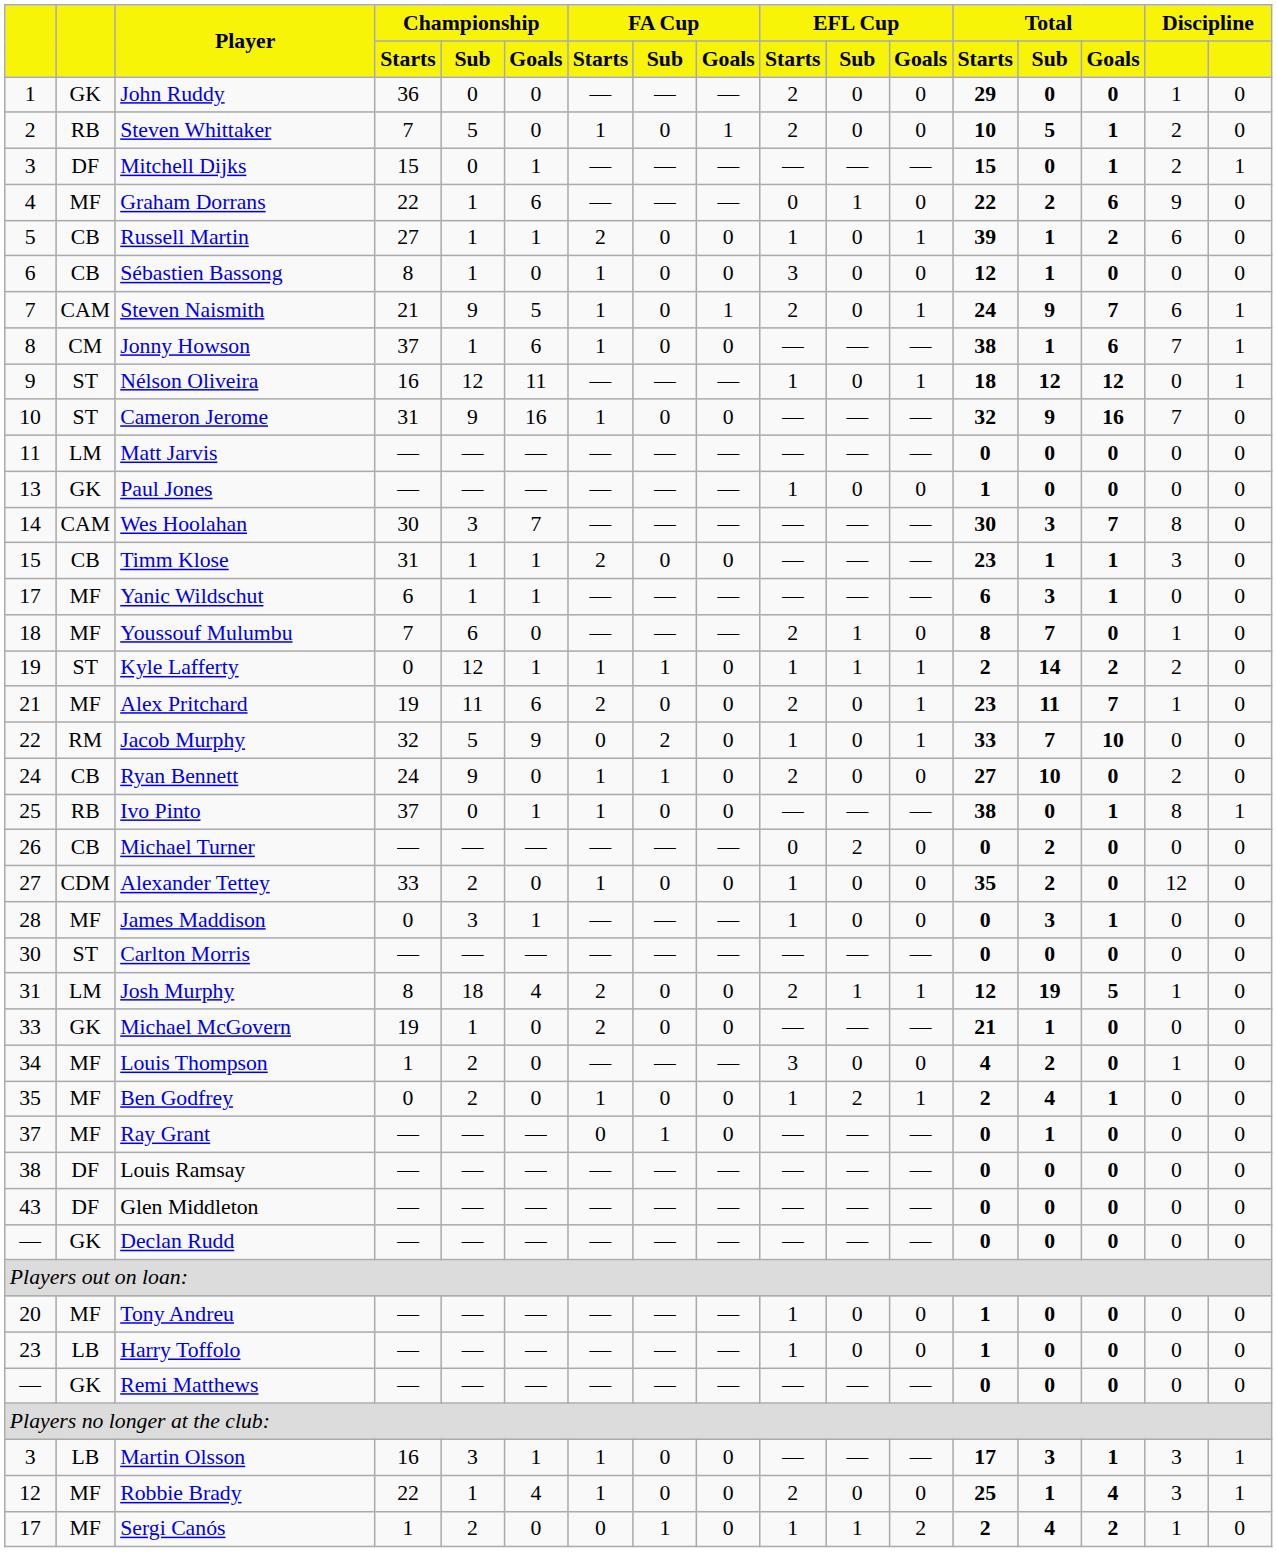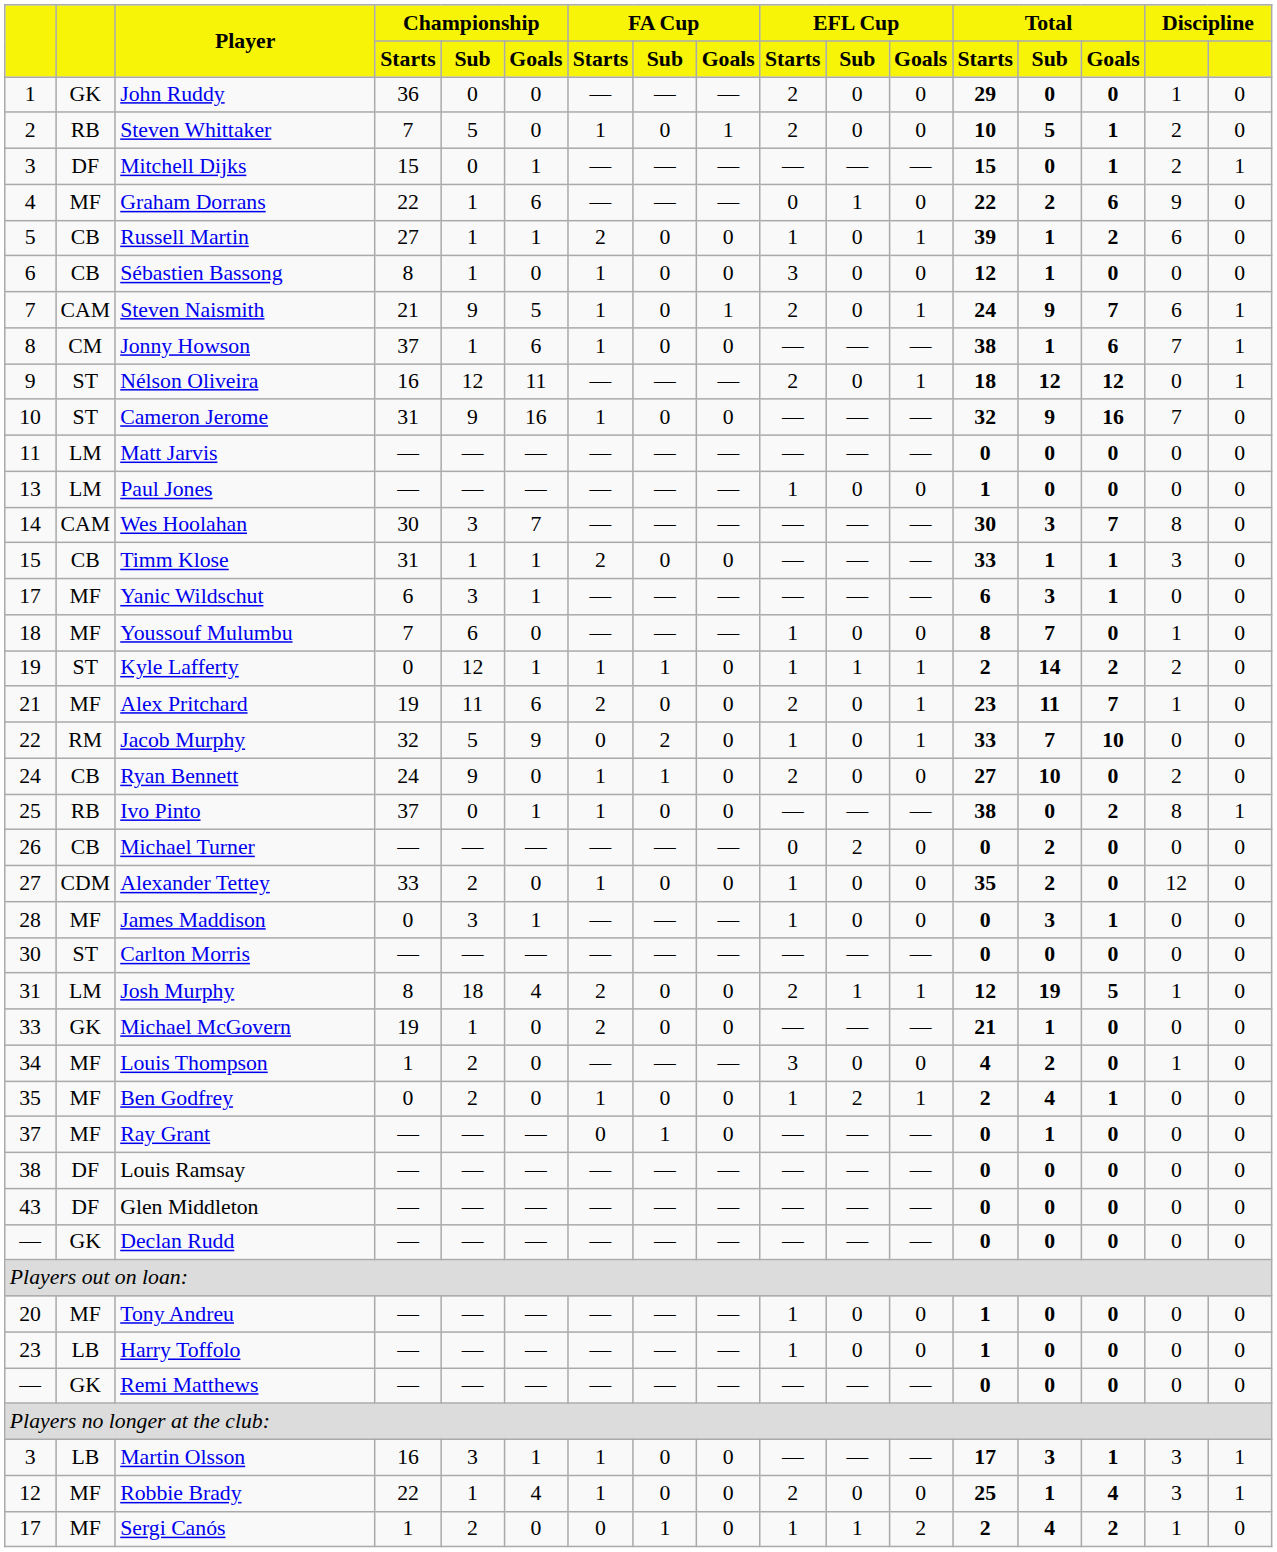 <table class="wikitable"  style="text-align:center; font-size:90%; width:95%;">
 <tr>
 <th rowspan="2" style="background:#F7F408; color:#000000;  width: 4%"></th>
 <th rowspan="2" style="background:#F7F408; color:#000000;  width: 4%"></th>
 <th rowspan="2" style="background:#F7F408; color:#000000; ">Player</th>
 <th colspan="3" style="background:#F7F408; color:#000000; ">Championship</th>
 <th colspan="3" style="background:#F7F408; color:#000000; ">FA Cup</th>
 <th colspan="3" style="background:#F7F408; color:#000000; ">EFL Cup</th>
 <th colspan="3" style="background:#F7F408; color:#000000; ">Total</th>
 <th colspan="2" style="background:#F7F408; color:#000000; ">Discipline</th>
 </tr>
 <tr>
 <th style="background:#F7F408; color:#000000;  width: 5%;">Starts</th>
 <th style="background:#F7F408; color:#000000;  width: 5%;">Sub</th>
 <th style="background:#F7F408; color:#000000;  width: 5%;">Goals</th>
 <th style="background:#F7F408; color:#000000;  width: 5%;">Starts</th>
 <th style="background:#F7F408; color:#000000;  width: 5%;">Sub</th>
 <th style="background:#F7F408; color:#000000;  width: 5%;">Goals</th>
 <th style="background:#F7F408; color:#000000;  width: 5%;">Starts</th>
 <th style="background:#F7F408; color:#000000;  width: 5%;">Sub</th>
 <th style="background:#F7F408; color:#000000;  width: 5%;">Goals</th>
 <th style="background:#F7F408; color:#000000;  width: 5%;">Starts</th>
 <th style="background:#F7F408; color:#000000;  width: 5%;">Sub</th>
 <th style="background:#F7F408; color:#000000;  width: 5%;">Goals</th>
 <th style="background:#F7F408; color:#000000;  width: 5%;"></th>
 <th style="background:#F7F408; color:#000000;  width: 5%;"></th>
 </tr>
 <tr>
 <td>1</td>
 <td>GK</td>
 <td style="text-align:left;"><a href='#'>John Ruddy</a></td>
 <td>36</td>
 <td>0</td>
 <td>0</td>
 <td>—</td>
 <td>—</td>
 <td>—</td>
 <td>2</td>
 <td>0</td>
 <td>0</td>
 <td><strong>29</strong></td>
 <td><strong>0</strong></td>
 <td><strong>0</strong></td>
 <td>1</td>
 <td>0</td>
 </tr>
 <tr>
 <td>2</td>
 <td>RB</td>
 <td style="text-align:left;"><a href='#'>Steven Whittaker</a></td>
 <td>7</td>
 <td>5</td>
 <td>0</td>
 <td>1</td>
 <td>0</td>
 <td>1</td>
 <td>2</td>
 <td>0</td>
 <td>0</td>
 <td><strong>10</strong></td>
 <td><strong>5</strong></td>
 <td><strong>1</strong></td>
 <td>2</td>
 <td>0</td>
 </tr>
 <tr>
 <td>3</td>
 <td>DF</td>
 <td style="text-align:left;"><a href='#'>Mitchell Dijks</a></td>
 <td>15</td>
 <td>0</td>
 <td>1</td>
 <td>—</td>
 <td>—</td>
 <td>—</td>
 <td>—</td>
 <td>—</td>
 <td>—</td>
 <td><strong>15</strong></td>
 <td><strong>0</strong></td>
 <td><strong>1</strong></td>
 <td>2</td>
 <td>1</td>
 </tr>
 <tr>
 <td>4</td>
 <td>MF</td>
 <td style="text-align:left;"><a href='#'>Graham Dorrans</a></td>
 <td>22</td>
 <td>1</td>
 <td>6</td>
 <td>—</td>
 <td>—</td>
 <td>—</td>
 <td>0</td>
 <td>1</td>
 <td>0</td>
 <td><strong>22</strong></td>
 <td><strong>2</strong></td>
 <td><strong>6</strong></td>
 <td>9</td>
 <td>0</td>
 </tr>
 <tr>
 <td>5</td>
 <td>CB</td>
 <td style="text-align:left;"><a href='#'>Russell Martin</a></td>
 <td>27</td>
 <td>1</td>
 <td>1</td>
 <td>2</td>
 <td>0</td>
 <td>0</td>
 <td>1</td>
 <td>0</td>
 <td>1</td>
 <td><strong>39</strong></td>
 <td><strong>1</strong></td>
 <td><strong>2</strong></td>
 <td>6</td>
 <td>0</td>
 </tr>
 <tr>
 <td>6</td>
 <td>CB</td>
 <td style="text-align:left;"><a href='#'>Sébastien Bassong</a></td>
 <td>8</td>
 <td>1</td>
 <td>0</td>
 <td>1</td>
 <td>0</td>
 <td>0</td>
 <td>3</td>
 <td>0</td>
 <td>0</td>
 <td><strong>12</strong></td>
 <td><strong>1</strong></td>
 <td><strong>0</strong></td>
 <td>0</td>
 <td>0</td>
 </tr>
 <tr>
 <td>7</td>
 <td>CAM</td>
 <td style="text-align:left;"><a href='#'>Steven Naismith</a></td>
 <td>21</td>
 <td>9</td>
 <td>5</td>
 <td>1</td>
 <td>0</td>
 <td>1</td>
 <td>2</td>
 <td>0</td>
 <td>1</td>
 <td><strong>24</strong></td>
 <td><strong>9</strong></td>
 <td><strong>7</strong></td>
 <td>6</td>
 <td>1</td>
 </tr>
 <tr>
 <td>8</td>
 <td>CM</td>
 <td style="text-align:left;"><a href='#'>Jonny Howson</a></td>
 <td>37</td>
 <td>1</td>
 <td>6</td>
 <td>1</td>
 <td>0</td>
 <td>0</td>
 <td>—</td>
 <td>—</td>
 <td>—</td>
 <td><strong>38</strong></td>
 <td><strong>1</strong></td>
 <td><strong>6</strong></td>
 <td>7</td>
 <td>1</td>
 </tr>
 <tr>
 <td>9</td>
 <td>ST</td>
 <td style="text-align:left;"><a href='#'>Nélson Oliveira</a></td>
 <td>16</td>
 <td>12</td>
 <td>11</td>
 <td>—</td>
 <td>—</td>
 <td>—</td>
-<td>1</td>
+<td>2</td>
 <td>0</td>
 <td>1</td>
 <td><strong>18</strong></td>
 <td><strong>12</strong></td>
 <td><strong>12</strong></td>
 <td>0</td>
 <td>1</td>
 </tr>
 <tr>
 <td>10</td>
 <td>ST</td>
 <td style="text-align:left;"><a href='#'>Cameron Jerome</a></td>
 <td>31</td>
 <td>9</td>
 <td>16</td>
 <td>1</td>
 <td>0</td>
 <td>0</td>
 <td>—</td>
 <td>—</td>
 <td>—</td>
 <td><strong>32</strong></td>
 <td><strong>9</strong></td>
 <td><strong>16</strong></td>
 <td>7</td>
 <td>0</td>
 </tr>
 <tr>
 <td>11</td>
 <td>LM</td>
 <td style="text-align:left;"><a href='#'>Matt Jarvis</a></td>
 <td>—</td>
 <td>—</td>
 <td>—</td>
 <td>—</td>
 <td>—</td>
 <td>—</td>
 <td>—</td>
 <td>—</td>
 <td>—</td>
 <td><strong>0</strong></td>
 <td><strong>0</strong></td>
 <td><strong>0</strong></td>
 <td>0</td>
 <td>0</td>
 </tr>
 <tr>
 <td>13</td>
-<td>GK</td>
+<td>LM</td>
 <td style="text-align:left;"><a href='#'>Paul Jones</a></td>
 <td>—</td>
 <td>—</td>
 <td>—</td>
 <td>—</td>
 <td>—</td>
 <td>—</td>
 <td>1</td>
 <td>0</td>
 <td>0</td>
 <td><strong>1</strong></td>
 <td><strong>0</strong></td>
 <td><strong>0</strong></td>
 <td>0</td>
 <td>0</td>
 </tr>
 <tr>
 <td>14</td>
 <td>CAM</td>
 <td style="text-align:left;"><a href='#'>Wes Hoolahan</a></td>
 <td>30</td>
 <td>3</td>
 <td>7</td>
 <td>—</td>
 <td>—</td>
 <td>—</td>
 <td>—</td>
 <td>—</td>
 <td>—</td>
 <td><strong>30</strong></td>
 <td><strong>3</strong></td>
 <td><strong>7</strong></td>
 <td>8</td>
 <td>0</td>
 </tr>
 <tr>
 <td>15</td>
 <td>CB</td>
 <td style="text-align:left;"><a href='#'>Timm Klose</a></td>
 <td>31</td>
 <td>1</td>
 <td>1</td>
 <td>2</td>
 <td>0</td>
 <td>0</td>
 <td>—</td>
 <td>—</td>
 <td>—</td>
-<td><strong>23</strong></td>
+<td><strong>33</strong></td>
 <td><strong>1</strong></td>
 <td><strong>1</strong></td>
 <td>3</td>
 <td>0</td>
 </tr>
 <tr>
 <td>17</td>
 <td>MF</td>
 <td style="text-align:left;"><a href='#'>Yanic Wildschut</a></td>
 <td>6</td>
-<td>1</td>
+<td>3</td>
 <td>1</td>
 <td>—</td>
 <td>—</td>
 <td>—</td>
 <td>—</td>
 <td>—</td>
 <td>—</td>
 <td><strong>6</strong></td>
 <td><strong>3</strong></td>
 <td><strong>1</strong></td>
 <td>0</td>
 <td>0</td>
 </tr>
 <tr>
 <td>18</td>
 <td>MF</td>
 <td style="text-align:left;"><a href='#'>Youssouf Mulumbu</a></td>
 <td>7</td>
 <td>6</td>
 <td>0</td>
 <td>—</td>
 <td>—</td>
 <td>—</td>
-<td>2</td>
 <td>1</td>
+<td>0</td>
 <td>0</td>
 <td><strong>8</strong></td>
 <td><strong>7</strong></td>
 <td><strong>0</strong></td>
 <td>1</td>
 <td>0</td>
 </tr>
 <tr>
 <td>19</td>
 <td>ST</td>
 <td style="text-align:left;"><a href='#'>Kyle Lafferty</a></td>
 <td>0</td>
 <td>12</td>
 <td>1</td>
 <td>1</td>
 <td>1</td>
 <td>0</td>
 <td>1</td>
 <td>1</td>
 <td>1</td>
 <td><strong>2</strong></td>
 <td><strong>14</strong></td>
 <td><strong>2</strong></td>
 <td>2</td>
 <td>0</td>
 </tr>
 <tr>
 <td>21</td>
 <td>MF</td>
 <td style="text-align:left;"><a href='#'>Alex Pritchard</a></td>
 <td>19</td>
 <td>11</td>
 <td>6</td>
 <td>2</td>
 <td>0</td>
 <td>0</td>
 <td>2</td>
 <td>0</td>
 <td>1</td>
 <td><strong>23</strong></td>
 <td><strong>11</strong></td>
 <td><strong>7</strong></td>
 <td>1</td>
 <td>0</td>
 </tr>
 <tr>
 <td>22</td>
 <td>RM</td>
 <td style="text-align:left;"><a href='#'>Jacob Murphy</a></td>
 <td>32</td>
 <td>5</td>
 <td>9</td>
 <td>0</td>
 <td>2</td>
 <td>0</td>
 <td>1</td>
 <td>0</td>
 <td>1</td>
 <td><strong>33</strong></td>
 <td><strong>7</strong></td>
 <td><strong>10</strong></td>
 <td>0</td>
 <td>0</td>
 </tr>
 <tr>
 <td>24</td>
 <td>CB</td>
 <td style="text-align:left;"><a href='#'>Ryan Bennett</a></td>
 <td>24</td>
 <td>9</td>
 <td>0</td>
 <td>1</td>
 <td>1</td>
 <td>0</td>
 <td>2</td>
 <td>0</td>
 <td>0</td>
 <td><strong>27</strong></td>
 <td><strong>10</strong></td>
 <td><strong>0</strong></td>
 <td>2</td>
 <td>0</td>
 </tr>
 <tr>
 <td>25</td>
 <td>RB</td>
 <td style="text-align:left;"><a href='#'>Ivo Pinto</a></td>
 <td>37</td>
 <td>0</td>
 <td>1</td>
 <td>1</td>
 <td>0</td>
 <td>0</td>
 <td>—</td>
 <td>—</td>
 <td>—</td>
 <td><strong>38</strong></td>
 <td><strong>0</strong></td>
-<td><strong>1</strong></td>
+<td><strong>2</strong></td>
 <td>8</td>
 <td>1</td>
 </tr>
 <tr>
 <td>26</td>
 <td>CB</td>
 <td style="text-align:left;"><a href='#'>Michael Turner</a></td>
 <td>—</td>
 <td>—</td>
 <td>—</td>
 <td>—</td>
 <td>—</td>
 <td>—</td>
 <td>0</td>
 <td>2</td>
 <td>0</td>
 <td><strong>0</strong></td>
 <td><strong>2</strong></td>
 <td><strong>0</strong></td>
 <td>0</td>
 <td>0</td>
 </tr>
 <tr>
 <td>27</td>
 <td>CDM</td>
 <td style="text-align:left;"><a href='#'>Alexander Tettey</a></td>
 <td>33</td>
 <td>2</td>
 <td>0</td>
 <td>1</td>
 <td>0</td>
 <td>0</td>
 <td>1</td>
 <td>0</td>
 <td>0</td>
 <td><strong>35</strong></td>
 <td><strong>2</strong></td>
 <td><strong>0</strong></td>
 <td>12</td>
 <td>0</td>
 </tr>
 <tr>
 <td>28</td>
 <td>MF</td>
 <td style="text-align:left;"><a href='#'>James Maddison</a></td>
 <td>0</td>
 <td>3</td>
 <td>1</td>
 <td>—</td>
 <td>—</td>
 <td>—</td>
 <td>1</td>
 <td>0</td>
 <td>0</td>
 <td><strong>0</strong></td>
 <td><strong>3</strong></td>
 <td><strong>1</strong></td>
 <td>0</td>
 <td>0</td>
 </tr>
 <tr>
 <td>30</td>
 <td>ST</td>
 <td style="text-align:left;"><a href='#'>Carlton Morris</a></td>
 <td>—</td>
 <td>—</td>
 <td>—</td>
 <td>—</td>
 <td>—</td>
 <td>—</td>
 <td>—</td>
 <td>—</td>
 <td>—</td>
 <td><strong>0</strong></td>
 <td><strong>0</strong></td>
 <td><strong>0</strong></td>
 <td>0</td>
 <td>0</td>
 </tr>
 <tr>
 <td>31</td>
 <td>LM</td>
 <td style="text-align:left;"><a href='#'>Josh Murphy</a></td>
 <td>8</td>
 <td>18</td>
 <td>4</td>
 <td>2</td>
 <td>0</td>
 <td>0</td>
 <td>2</td>
 <td>1</td>
 <td>1</td>
 <td><strong>12</strong></td>
 <td><strong>19</strong></td>
 <td><strong>5</strong></td>
 <td>1</td>
 <td>0</td>
 </tr>
 <tr>
 <td>33</td>
 <td>GK</td>
 <td style="text-align:left;"><a href='#'>Michael McGovern</a></td>
 <td>19</td>
 <td>1</td>
 <td>0</td>
 <td>2</td>
 <td>0</td>
 <td>0</td>
 <td>—</td>
 <td>—</td>
 <td>—</td>
 <td><strong>21</strong></td>
 <td><strong>1</strong></td>
 <td><strong>0</strong></td>
 <td>0</td>
 <td>0</td>
 </tr>
 <tr>
 <td>34</td>
 <td>MF</td>
 <td style="text-align:left;"><a href='#'>Louis Thompson</a></td>
 <td>1</td>
 <td>2</td>
 <td>0</td>
 <td>—</td>
 <td>—</td>
 <td>—</td>
 <td>3</td>
 <td>0</td>
 <td>0</td>
 <td><strong>4</strong></td>
 <td><strong>2</strong></td>
 <td><strong>0</strong></td>
 <td>1</td>
 <td>0</td>
 </tr>
 <tr>
 <td>35</td>
 <td>MF</td>
 <td style="text-align:left;"><a href='#'>Ben Godfrey</a></td>
 <td>0</td>
 <td>2</td>
 <td>0</td>
 <td>1</td>
 <td>0</td>
 <td>0</td>
 <td>1</td>
 <td>2</td>
 <td>1</td>
 <td><strong>2</strong></td>
 <td><strong>4</strong></td>
 <td><strong>1</strong></td>
 <td>0</td>
 <td>0</td>
 </tr>
 <tr>
 <td>37</td>
 <td>MF</td>
 <td style="text-align:left;"><a href='#'>Ray Grant</a></td>
 <td>—</td>
 <td>—</td>
 <td>—</td>
 <td>0</td>
 <td>1</td>
 <td>0</td>
 <td>—</td>
 <td>—</td>
 <td>—</td>
 <td><strong>0</strong></td>
 <td><strong>1</strong></td>
 <td><strong>0</strong></td>
 <td>0</td>
 <td>0</td>
 </tr>
 <tr>
 <td>38</td>
 <td>DF</td>
 <td style="text-align:left;">Louis Ramsay</td>
 <td>—</td>
 <td>—</td>
 <td>—</td>
 <td>—</td>
 <td>—</td>
 <td>—</td>
 <td>—</td>
 <td>—</td>
 <td>—</td>
 <td><strong>0</strong></td>
 <td><strong>0</strong></td>
 <td><strong>0</strong></td>
 <td>0</td>
 <td>0</td>
 </tr>
 <tr>
 <td>43</td>
 <td>DF</td>
 <td style="text-align:left;">Glen Middleton</td>
 <td>—</td>
 <td>—</td>
 <td>—</td>
 <td>—</td>
 <td>—</td>
 <td>—</td>
 <td>—</td>
 <td>—</td>
 <td>—</td>
 <td><strong>0</strong></td>
 <td><strong>0</strong></td>
 <td><strong>0</strong></td>
 <td>0</td>
 <td>0</td>
 </tr>
 <tr>
 <td>—</td>
 <td>GK</td>
 <td style="text-align:left;"><a href='#'>Declan Rudd</a></td>
 <td>—</td>
 <td>—</td>
 <td>—</td>
 <td>—</td>
 <td>—</td>
 <td>—</td>
 <td>—</td>
 <td>—</td>
 <td>—</td>
 <td><strong>0</strong></td>
 <td><strong>0</strong></td>
 <td><strong>0</strong></td>
 <td>0</td>
 <td>0</td>
 </tr>
 <tr>
 <td colspan="18" style="background:#dcdcdc; text-align:left;"><em>Players out on loan:</em></td>
 </tr>
 <tr>
 <td>20</td>
 <td>MF</td>
 <td style="text-align:left;"><a href='#'>Tony Andreu</a></td>
 <td>—</td>
 <td>—</td>
 <td>—</td>
 <td>—</td>
 <td>—</td>
 <td>—</td>
 <td>1</td>
 <td>0</td>
 <td>0</td>
 <td><strong>1</strong></td>
 <td><strong>0</strong></td>
 <td><strong>0</strong></td>
 <td>0</td>
 <td>0</td>
 </tr>
 <tr>
 <td>23</td>
 <td>LB</td>
 <td style="text-align:left;"><a href='#'>Harry Toffolo</a></td>
 <td>—</td>
 <td>—</td>
 <td>—</td>
 <td>—</td>
 <td>—</td>
 <td>—</td>
 <td>1</td>
 <td>0</td>
 <td>0</td>
 <td><strong>1</strong></td>
 <td><strong>0</strong></td>
 <td><strong>0</strong></td>
 <td>0</td>
 <td>0</td>
 </tr>
 <tr>
 <td>—</td>
 <td>GK</td>
 <td style="text-align:left;"><a href='#'>Remi Matthews</a></td>
 <td>—</td>
 <td>—</td>
 <td>—</td>
 <td>—</td>
 <td>—</td>
 <td>—</td>
 <td>—</td>
 <td>—</td>
 <td>—</td>
 <td><strong>0</strong></td>
 <td><strong>0</strong></td>
 <td><strong>0</strong></td>
 <td>0</td>
 <td>0</td>
 </tr>
 <tr>
 <td colspan="18" style="background:#dcdcdc; text-align:left;"><em>Players no longer at the club:</em></td>
 </tr>
 <tr>
 <td>3</td>
 <td>LB</td>
 <td style="text-align:left;"><a href='#'>Martin Olsson</a></td>
 <td>16</td>
 <td>3</td>
 <td>1</td>
 <td>1</td>
 <td>0</td>
 <td>0</td>
 <td>—</td>
 <td>—</td>
 <td>—</td>
 <td><strong>17</strong></td>
 <td><strong>3</strong></td>
 <td><strong>1</strong></td>
 <td>3</td>
 <td>1</td>
 </tr>
 <tr>
 <td>12</td>
 <td>MF</td>
 <td style="text-align:left;"><a href='#'>Robbie Brady</a></td>
 <td>22</td>
 <td>1</td>
 <td>4</td>
 <td>1</td>
 <td>0</td>
 <td>0</td>
 <td>2</td>
 <td>0</td>
 <td>0</td>
 <td><strong>25</strong></td>
 <td><strong>1</strong></td>
 <td><strong>4</strong></td>
 <td>3</td>
 <td>1</td>
 </tr>
 <tr>
 <td>17</td>
 <td>MF</td>
 <td style="text-align:left;"><a href='#'>Sergi Canós</a></td>
 <td>1</td>
 <td>2</td>
 <td>0</td>
 <td>0</td>
 <td>1</td>
 <td>0</td>
 <td>1</td>
 <td>1</td>
 <td>2</td>
 <td><strong>2</strong></td>
 <td><strong>4</strong></td>
 <td><strong>2</strong></td>
 <td>1</td>
 <td>0</td>
 </tr>
 </table>
